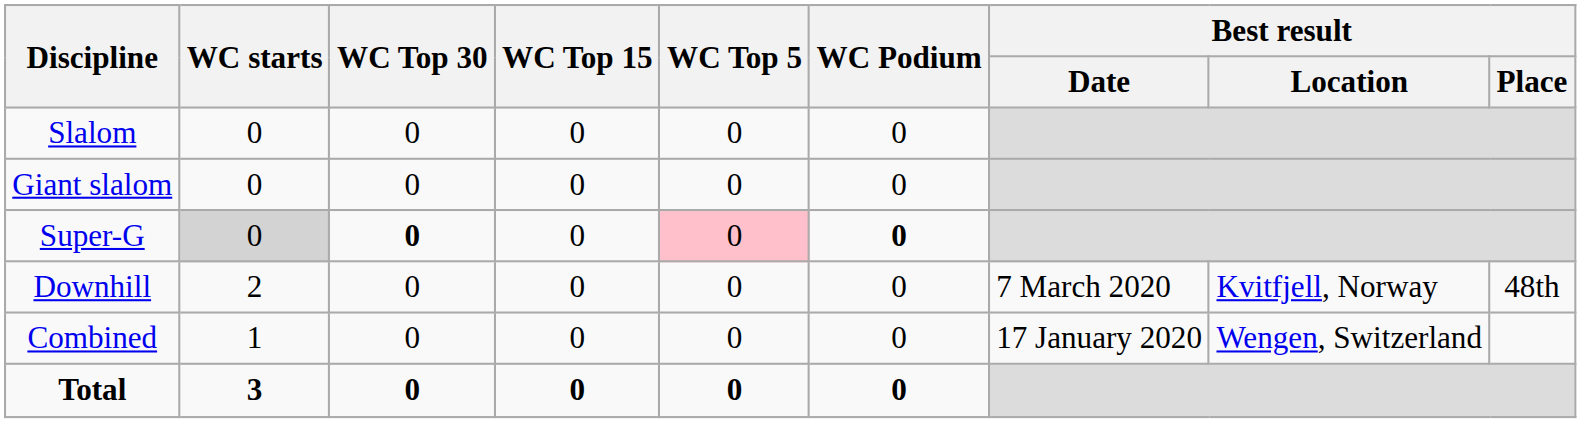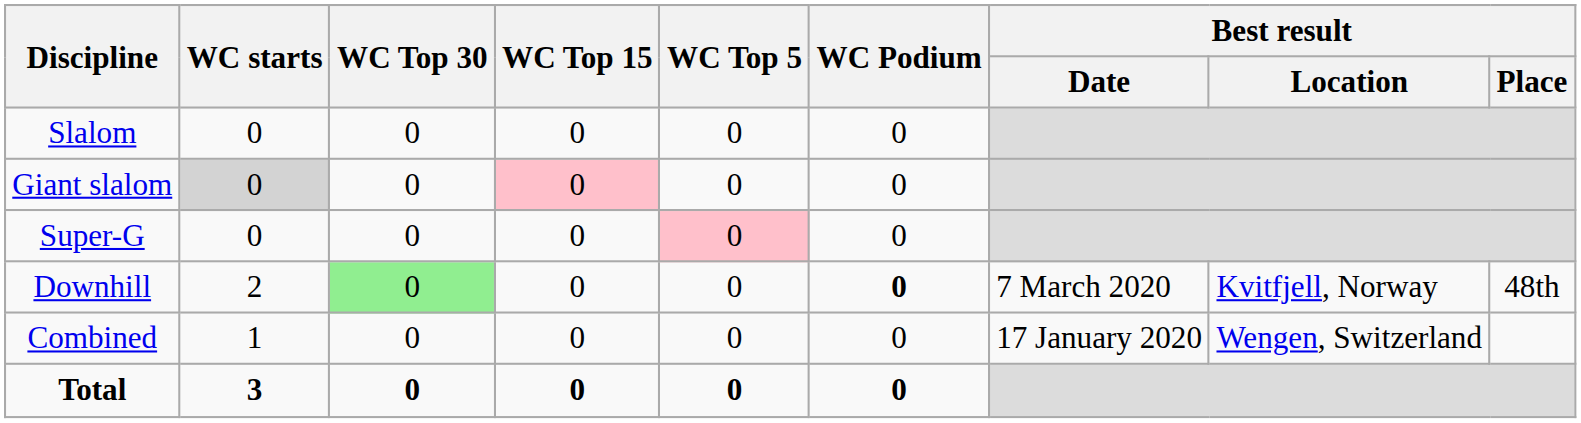 <table class="wikitable" style="text-align:center; font-size:95%;">
 <tr>
 <th rowspan=2>Discipline</th>
 <th rowspan=2>WC starts</th>
 <th rowspan=2>WC Top 30</th>
 <th rowspan=2>WC Top 15</th>
 <th rowspan=2>WC Top 5</th>
 <th rowspan=2>WC Podium</th>
 <th colspan=3>Best result</th>
 </tr>
 <tr>
 <th>Date</th>
 <th>Location</th>
 <th>Place</th>
 </tr>
 <tr>
 <td align=center><a href='#'>Slalom</a></td>
 <td align=center>0</td>
 <td align=center>0</td>
 <td align=center>0</td>
 <td align=center>0</td>
 <td align=center>0</td>
 <td colspan=3 bgcolor=#DCDCDC></td>
 </tr>
 <tr>
 <td align=center><a href='#'>Giant slalom</a></td>
+<td align=center style="background: lightgrey;">0</td>
 <td align=center>0</td>
-<td align=center>0</td>
-<td align=center>0</td>
+<td align=center style="background: pink;">0</td>
 <td align=center>0</td>
 <td align=center>0</td>
 <td colspan=3 bgcolor=#DCDCDC></td>
 </tr>
 <tr>
 <td align=center><a href='#'>Super-G</a></td>
-<td align=center style="background: lightgrey;">0</td>
-<td align=center><strong>0</strong></td>
+<td align=center>0</td>
+<td align=center>0</td>
 <td align=center>0</td>
 <td align=center style="background: pink;">0</td>
-<td align=center><strong>0</strong></td>
+<td align=center>0</td>
 <td colspan=3 bgcolor=#DCDCDC></td>
 </tr>
 <tr>
 <td align=center><a href='#'>Downhill</a></td>
 <td align=center>2</td>
+<td align=center style="background: lightgreen;">0</td>
 <td align=center>0</td>
 <td align=center>0</td>
-<td align=center>0</td>
-<td align=center>0</td>
+<td align=center><strong>0</strong></td>
 <td align=left>7 March 2020</td>
 <td align=left> <a href='#'>Kvitfjell</a>, Norway</td>
 <td>48th</td>
 </tr>
 <tr>
 <td align=center><a href='#'>Combined</a></td>
 <td align=center>1</td>
 <td align=center>0</td>
 <td align=center>0</td>
 <td align=center>0</td>
 <td align=center>0</td>
 <td align=left>17 January 2020</td>
 <td align=left> <a href='#'>Wengen</a>, Switzerland</td>
 <td></td>
 </tr>
 <tr>
 <td align=center><strong>Total</strong></td>
 <td align=center><strong>3</strong></td>
 <td align=center><strong>0</strong></td>
 <td align=center><strong>0</strong></td>
 <td align=center><strong>0</strong></td>
 <td align=center><strong>0</strong></td>
 <td colspan=3 bgcolor=#DCDCDC></td>
 </tr>
 </table>
